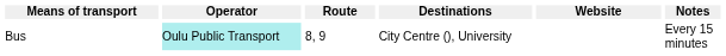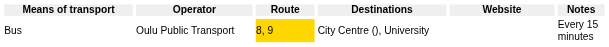 <table class="toc" cellpadding="0" cellspacing="5" style="width:75%;" font-size:90%;">
 <tr>
 <th colspan="8" style="background:gray; color:light red;"></th>
 </tr>
 <tr style="background:#efefef;">
 <th width=22%>Means of transport</th>
 <th width=20%>Operator</th>
 <th width=10%>Route</th>
 <th width=22%>Destinations</th>
 <th width=18%>Website</th>
 <th width=10%>Notes</th>
 </tr>
 <tr>
 <td> Bus</td>
-<td style="background: paleturquoise;">Oulu Public Transport</td>
-<td>8, 9</td>
+<td>Oulu Public Transport</td>
+<td style="background: gold;">8, 9</td>
 <td>City Centre (), University</td>
 <td></td>
 <td>Every 15 minutes</td>
 </tr>
 </table>
